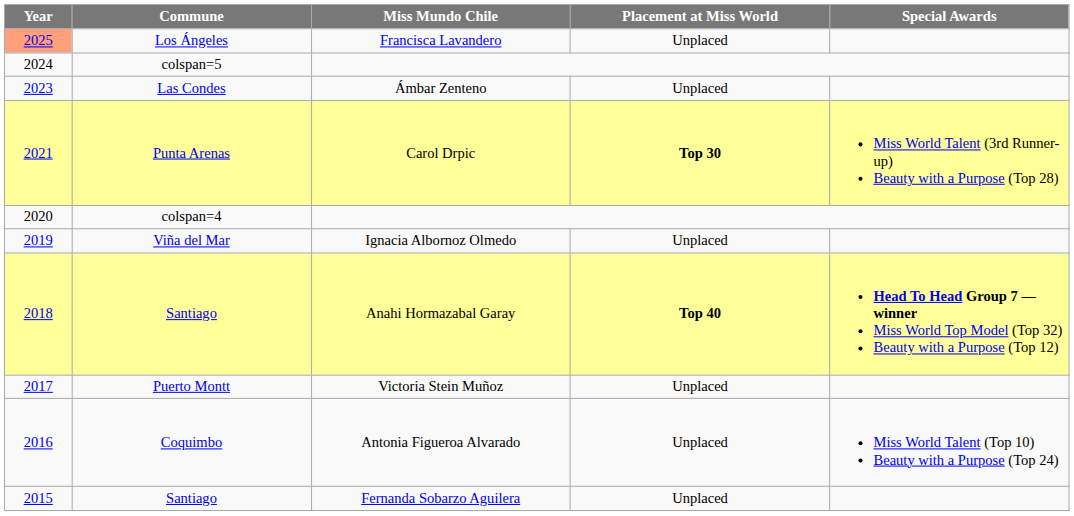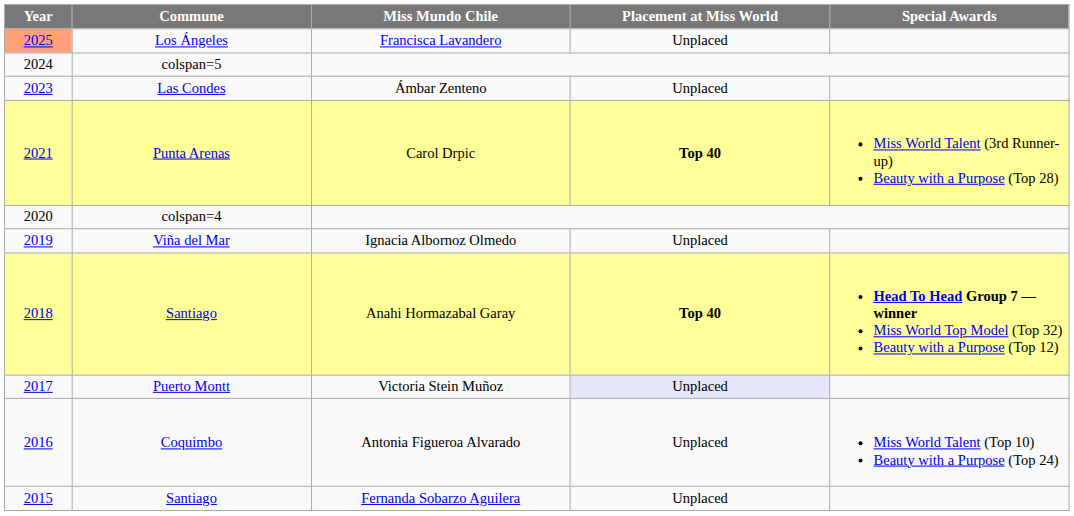 <table class="wikitable" style="font-size: 90%; text-align:center">
 <tr>
 <th width="60" style="background-color:#787878;color:#FFFFFF;">Year</th>
 <th width="230" style="background-color:#787878;color:#FFFFFF;">Commune</th>
 <th width="250" style="background-color:#787878;color:#FFFFFF;">Miss Mundo Chile</th>
 <th width="250" style="background-color:#787878;color:#FFFFFF;">Placement at Miss World</th>
 <th width="230" style="background-color:#787878;color:#FFFFFF;">Special Awards</th>
 </tr>
 <tr>
 <td style="background: lightsalmon;"><a href='#'>2025</a></td>
 <td><a href='#'>Los Ángeles</a></td>
 <td><a href='#'>Francisca Lavandero</a></td>
 <td>Unplaced</td>
 <td></td>
 </tr>
 <tr>
 <td>2024</td>
 <td>colspan=5 </td>
 </tr>
 <tr>
 <td><a href='#'>2023</a></td>
 <td><a href='#'>Las Condes</a></td>
 <td>Ámbar Zenteno</td>
 <td>Unplaced</td>
 <td></td>
 </tr>
 <tr style="background-color:#FFFF99; ">
 <td><a href='#'>2021</a></td>
 <td><a href='#'>Punta Arenas</a></td>
 <td>Carol Drpic</td>
-<td><strong>Top 30</strong></td>
+<td><strong>Top 40</strong></td>
 <td align="left"><br><ul><li><a href='#'>Miss World Talent</a> (3rd Runner-up)</li><li><a href='#'>Beauty with a Purpose</a> (Top 28)</li></ul></td>
 </tr>
 <tr>
 <td>2020</td>
 <td>colspan=4 </td>
 </tr>
 <tr>
 <td><a href='#'>2019</a></td>
 <td><a href='#'>Viña del Mar</a></td>
 <td>Ignacia Albornoz Olmedo</td>
 <td>Unplaced</td>
 <td></td>
 </tr>
 <tr style="background-color:#FFFF99; ">
 <td><a href='#'>2018</a></td>
 <td><a href='#'>Santiago</a></td>
 <td>Anahi Hormazabal Garay</td>
 <td><strong>Top 40</strong></td>
 <td align="left"><br><ul><li><strong><a href='#'>Head To Head</a> Group 7 ― winner</strong></li><li><a href='#'>Miss World Top Model</a> (Top 32)</li><li><a href='#'>Beauty with a Purpose</a> (Top 12)</li></ul></td>
 </tr>
 <tr>
 <td><a href='#'>2017</a></td>
 <td><a href='#'>Puerto Montt</a></td>
 <td>Victoria Stein Muñoz</td>
-<td>Unplaced</td>
+<td style="background: lavender;">Unplaced</td>
 <td></td>
 </tr>
 <tr>
 <td><a href='#'>2016</a></td>
 <td><a href='#'>Coquimbo</a></td>
 <td>Antonia Figueroa Alvarado</td>
 <td>Unplaced</td>
 <td align="left"><br><ul><li><a href='#'>Miss World Talent</a> (Top 10)</li><li><a href='#'>Beauty with a Purpose</a> (Top 24)</li></ul></td>
 </tr>
 <tr>
 <td><a href='#'>2015</a></td>
 <td><a href='#'>Santiago</a></td>
 <td><a href='#'>Fernanda Sobarzo Aguilera</a></td>
 <td>Unplaced</td>
 <td></td>
 </tr>
 <tr>
 </tr>
 </table>
